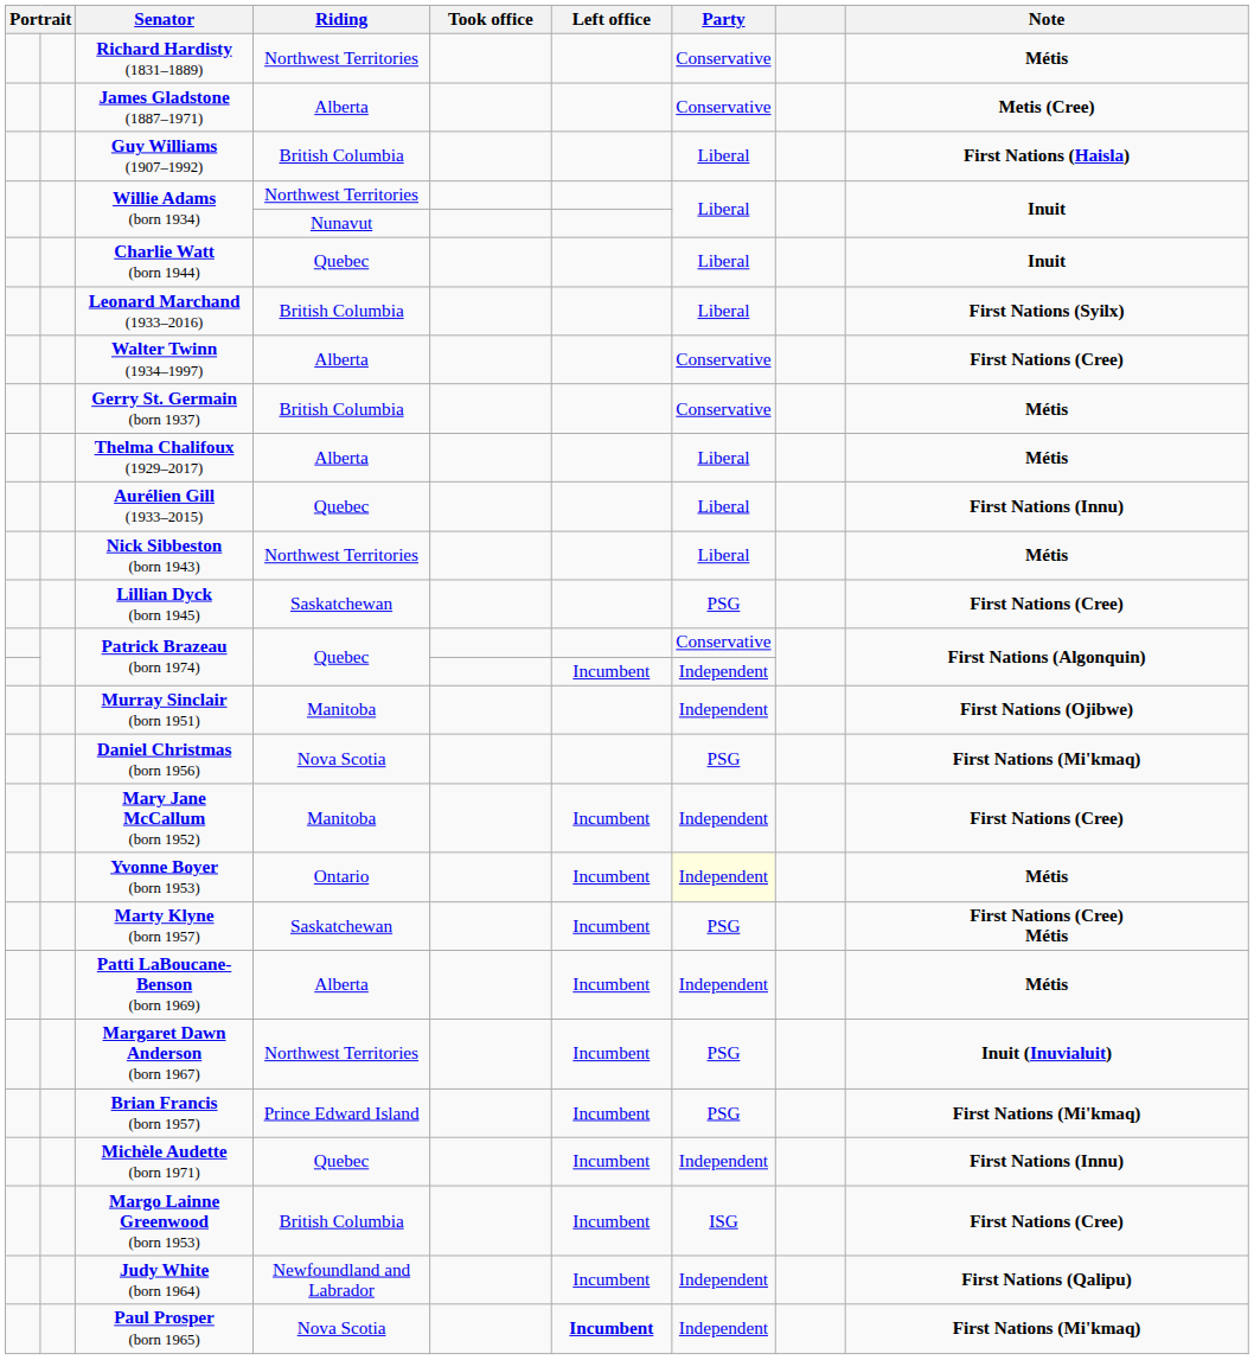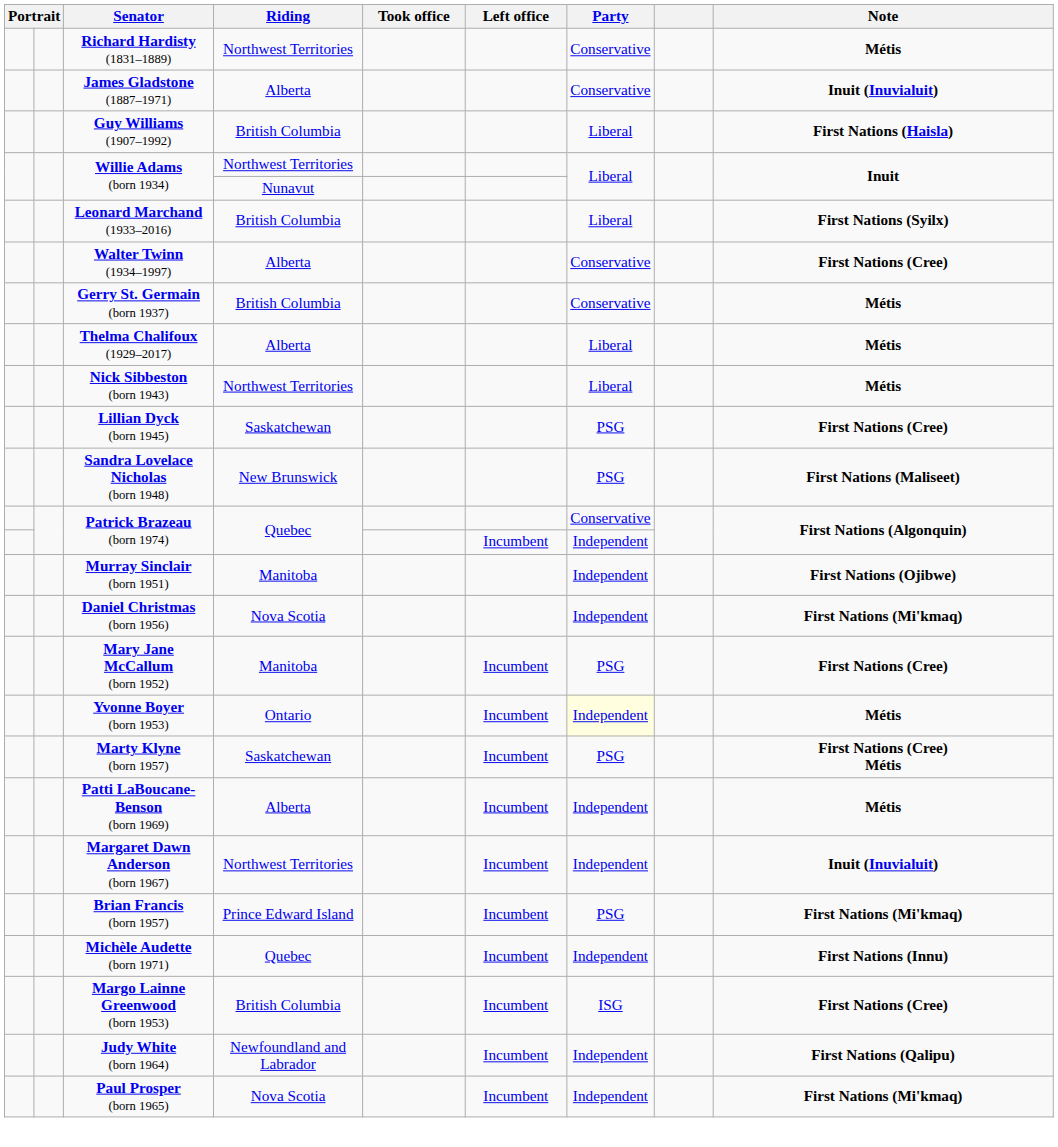 <table class="wikitable sortable plainrowheaders" style="text-align: center;">
 <tr>
 <th colspan="2" class=unsortable>Portrait</th>
 <th class="unsortable" style="width:150px;"><a href='#'>Senator</a></th>
 <th scope="col" style="width:150px;"><a href='#'>Riding</a></th>
 <th scope="col" style="width:100px;">Took office</th>
 <th scope="col" style="width:100px;">Left office</th>
 <th scope="col" style="width:70px;"><a href='#'>Party</a></th>
 <th scope="col" class="unsortable" style="width:55px;"></th>
 <th scope="col" class="unsortable" style="width:350px;">Note</th>
 </tr>
 <tr>
 <td rowspan="1" style="background:"></td>
 <td></td>
 <td><strong><a href='#'>Richard Hardisty</a></strong><br><small>(1831–1889)</small></td>
 <td><a href='#'>Northwest Territories</a></td>
 <td></td>
 <td></td>
 <td><a href='#'>Conservative</a></td>
 <td></td>
 <td><strong>Métis</strong></td>
 </tr>
 <tr>
 <td rowspan="1" style="background:"></td>
 <td></td>
 <td><strong><a href='#'>James Gladstone</a></strong><br><small>(1887–1971)</small></td>
 <td><a href='#'>Alberta</a></td>
 <td></td>
 <td></td>
 <td><a href='#'>Conservative</a></td>
 <td></td>
-<td><strong>Metis (Cree)</strong></td>
+<td><strong>Inuit (<a href='#'>Inuvialuit</a>)</strong></td>
 </tr>
 <tr>
 <td rowspan="1" style="background:"></td>
 <td></td>
 <td><strong><a href='#'>Guy Williams</a></strong><br><small>(1907–1992)</small></td>
 <td><a href='#'>British Columbia</a></td>
 <td></td>
 <td></td>
 <td><a href='#'>Liberal</a></td>
 <td></td>
 <td><strong>First Nations (<a href='#'>Haisla</a>)</strong></td>
 </tr>
 <tr>
 <td rowspan="2" style="background:"></td>
 <td rowspan="2"></td>
 <td rowspan="2"><strong><a href='#'>Willie Adams</a></strong><br><small>(born 1934)</small></td>
 <td><a href='#'>Northwest Territories</a></td>
 <td></td>
 <td></td>
 <td rowspan="2"><a href='#'>Liberal</a></td>
 <td rowspan="2"></td>
 <td rowspan="2"><strong>Inuit</strong></td>
 </tr>
 <tr>
 <td><a href='#'>Nunavut</a></td>
 <td></td>
 <td></td>
-</tr>
-<tr>
-<td rowspan="1" style="background:"></td>
-<td></td>
-<td><strong><a href='#'>Charlie Watt</a></strong><br><small>(born 1944)</small></td>
-<td><a href='#'>Quebec</a></td>
-<td></td>
-<td></td>
-<td><a href='#'>Liberal</a></td>
-<td></td>
-<td><strong>Inuit</strong></td>
 </tr>
 <tr>
 <td rowspan="1" style="background:"></td>
 <td></td>
 <td><strong><a href='#'>Leonard Marchand</a></strong><br><small>(1933–2016)</small></td>
 <td><a href='#'>British Columbia</a></td>
 <td></td>
 <td></td>
 <td><a href='#'>Liberal</a></td>
 <td></td>
 <td><strong>First Nations (Syilx)</strong></td>
 </tr>
 <tr>
 <td rowspan="1" style="background:"></td>
 <td></td>
 <td><strong><a href='#'>Walter Twinn</a></strong><br><small>(1934–1997)</small></td>
 <td><a href='#'>Alberta</a></td>
 <td></td>
 <td></td>
 <td><a href='#'>Conservative</a></td>
 <td></td>
 <td><strong>First Nations (Cree)</strong></td>
 </tr>
 <tr>
 <td rowspan="1" style="background:"></td>
 <td></td>
 <td><strong><a href='#'>Gerry St. Germain</a></strong><br><small>(born 1937)</small></td>
 <td><a href='#'>British Columbia</a></td>
 <td></td>
 <td></td>
 <td><a href='#'>Conservative</a></td>
 <td></td>
 <td><strong>Métis</strong></td>
 </tr>
 <tr>
 <td rowspan="1" style="background:"></td>
 <td></td>
 <td><strong><a href='#'>Thelma Chalifoux</a></strong><br><small>(1929–2017)</small></td>
 <td><a href='#'>Alberta</a></td>
 <td></td>
 <td></td>
 <td><a href='#'>Liberal</a></td>
 <td></td>
 <td><strong>Métis</strong></td>
 </tr>
 <tr>
 <td rowspan="1" style="background:"></td>
 <td></td>
-<td><strong><a href='#'>Aurélien Gill</a></strong><br><small>(1933–2015)</small></td>
-<td><a href='#'>Quebec</a></td>
-<td></td>
-<td></td>
-<td><a href='#'>Liberal</a></td>
-<td></td>
-<td><strong>First Nations (Innu)</strong></td>
-</tr>
-<tr>
-<td rowspan="1" style="background:"></td>
-<td></td>
 <td><strong><a href='#'>Nick Sibbeston</a></strong><br><small>(born 1943)</small></td>
 <td><a href='#'>Northwest Territories</a></td>
 <td></td>
 <td></td>
 <td><a href='#'>Liberal</a></td>
 <td></td>
 <td><strong>Métis</strong></td>
 </tr>
 <tr>
 <td rowspan="1" style="background:"></td>
 <td></td>
 <td><strong><a href='#'>Lillian Dyck</a></strong><br><small>(born 1945)</small></td>
 <td><a href='#'>Saskatchewan</a></td>
 <td></td>
 <td></td>
 <td><a href='#'>PSG</a></td>
 <td></td>
 <td><strong>First Nations (Cree)</strong></td>
+</tr>
+<tr>
+<td rowspan="1" style="background:"></td>
+<td></td>
+<td><strong><a href='#'>Sandra Lovelace Nicholas</a></strong><br><small>(born 1948)</small></td>
+<td><a href='#'>New Brunswick</a></td>
+<td></td>
+<td></td>
+<td><a href='#'>PSG</a></td>
+<td></td>
+<td><strong>First Nations (Maliseet)</strong></td>
 </tr>
 <tr>
 <td rowspan="1" style="background:"></td>
 <td rowspan="2"></td>
 <td rowspan="2"><strong><a href='#'>Patrick Brazeau</a></strong><br><small>(born 1974)</small></td>
 <td rowspan="2"><a href='#'>Quebec</a></td>
 <td></td>
 <td></td>
 <td><a href='#'>Conservative</a></td>
 <td rowspan="2"></td>
 <td rowspan="2"><strong>First Nations (Algonquin)</strong></td>
 </tr>
 <tr>
 <td rowspan="1" style="background:"></td>
 <td></td>
 <td><a href='#'>Incumbent</a></td>
 <td><a href='#'>Independent</a></td>
 </tr>
 <tr>
 <td rowspan="1" style="background:"></td>
 <td></td>
 <td><strong><a href='#'>Murray Sinclair</a></strong><br><small>(born 1951)</small></td>
 <td><a href='#'>Manitoba</a></td>
 <td></td>
 <td></td>
 <td><a href='#'>Independent</a></td>
 <td></td>
 <td><strong>First Nations (Ojibwe)</strong></td>
 </tr>
 <tr>
 <td rowspan="1" style="background:"></td>
 <td></td>
 <td><strong><a href='#'>Daniel Christmas</a></strong><br><small>(born 1956)</small></td>
 <td><a href='#'>Nova Scotia</a></td>
 <td></td>
 <td></td>
-<td><a href='#'>PSG</a></td>
+<td><a href='#'>Independent</a></td>
 <td></td>
 <td><strong>First Nations (Mi'kmaq)</strong></td>
 </tr>
 <tr>
 <td rowspan="1" style="background:"></td>
 <td></td>
 <td><strong><a href='#'>Mary Jane McCallum</a></strong><br><small>(born 1952)</small></td>
 <td><a href='#'>Manitoba</a></td>
 <td></td>
 <td><a href='#'>Incumbent</a></td>
-<td><a href='#'>Independent</a></td>
+<td><a href='#'>PSG</a></td>
 <td></td>
 <td><strong>First Nations (Cree)</strong></td>
 </tr>
 <tr>
 <td rowspan="1" style="background:"></td>
 <td></td>
 <td><strong><a href='#'>Yvonne Boyer</a></strong><br><small>(born 1953)</small></td>
 <td><a href='#'>Ontario</a></td>
 <td></td>
 <td><a href='#'>Incumbent</a></td>
 <td style="background: lightyellow;"><a href='#'>Independent</a></td>
 <td></td>
 <td><strong>Métis</strong></td>
 </tr>
 <tr>
 <td rowspan="1" style="background:"></td>
 <td></td>
 <td><strong><a href='#'>Marty Klyne</a></strong><br><small>(born 1957)</small></td>
 <td><a href='#'>Saskatchewan</a></td>
 <td></td>
 <td><a href='#'>Incumbent</a></td>
 <td><a href='#'>PSG</a></td>
 <td></td>
 <td><strong>First Nations (Cree)</strong><br><strong>Métis</strong></td>
 </tr>
 <tr>
 <td rowspan="1" style="background:"></td>
 <td></td>
 <td><strong><a href='#'>Patti LaBoucane-Benson</a></strong><br><small>(born 1969)</small></td>
 <td><a href='#'>Alberta</a></td>
 <td></td>
 <td><a href='#'>Incumbent</a></td>
 <td><a href='#'>Independent</a></td>
 <td></td>
 <td><strong>Métis</strong></td>
 </tr>
 <tr>
 <td rowspan="1" style="background:"></td>
 <td></td>
 <td><strong><a href='#'>Margaret Dawn Anderson</a></strong><br><small>(born 1967)</small></td>
 <td><a href='#'>Northwest Territories</a></td>
 <td></td>
 <td><a href='#'>Incumbent</a></td>
-<td><a href='#'>PSG</a></td>
+<td><a href='#'>Independent</a></td>
 <td></td>
 <td><strong>Inuit (<a href='#'>Inuvialuit</a>)</strong></td>
 </tr>
 <tr>
 <td rowspan="1" style="background:"></td>
 <td></td>
 <td><strong><a href='#'>Brian Francis</a></strong><br><small>(born 1957)</small></td>
 <td><a href='#'>Prince Edward Island</a></td>
 <td></td>
 <td><a href='#'>Incumbent</a></td>
 <td><a href='#'>PSG</a></td>
 <td></td>
 <td><strong>First Nations (Mi'kmaq)</strong></td>
 </tr>
 <tr>
 <td rowspan="1" style="background:"></td>
 <td></td>
 <td><strong><a href='#'>Michèle Audette</a></strong><br><small>(born 1971)</small></td>
 <td><a href='#'>Quebec</a></td>
 <td></td>
 <td><a href='#'>Incumbent</a></td>
 <td><a href='#'>Independent</a></td>
 <td></td>
 <td><strong>First Nations (Innu)</strong></td>
 </tr>
 <tr>
 <td rowspan="1" style="background:"></td>
 <td></td>
 <td><strong><a href='#'>Margo Lainne Greenwood</a></strong><br><small>(born 1953)</small></td>
 <td><a href='#'>British Columbia</a></td>
 <td></td>
 <td><a href='#'>Incumbent</a></td>
 <td><a href='#'>ISG</a></td>
 <td></td>
 <td><strong>First Nations (Cree)</strong></td>
 </tr>
 <tr>
 <td rowspan="1" style="background:"></td>
 <td></td>
 <td><strong><a href='#'>Judy White</a></strong><br><small>(born 1964)</small></td>
 <td><a href='#'>Newfoundland and Labrador</a></td>
 <td></td>
 <td><a href='#'>Incumbent</a></td>
 <td><a href='#'>Independent</a></td>
 <td></td>
 <td><strong>First Nations (Qalipu)</strong></td>
 </tr>
 <tr>
 <td rowspan="1" style="background:"></td>
 <td></td>
 <td><strong><a href='#'>Paul Prosper</a></strong><br><small>(born 1965)</small></td>
 <td><a href='#'>Nova Scotia</a></td>
 <td></td>
-<td><strong><a href='#'>Incumbent</a></strong></td>
+<td><a href='#'>Incumbent</a></td>
 <td><a href='#'>Independent</a></td>
 <td></td>
 <td><strong>First Nations (Mi'kmaq)</strong></td>
 </tr>
 </table>
